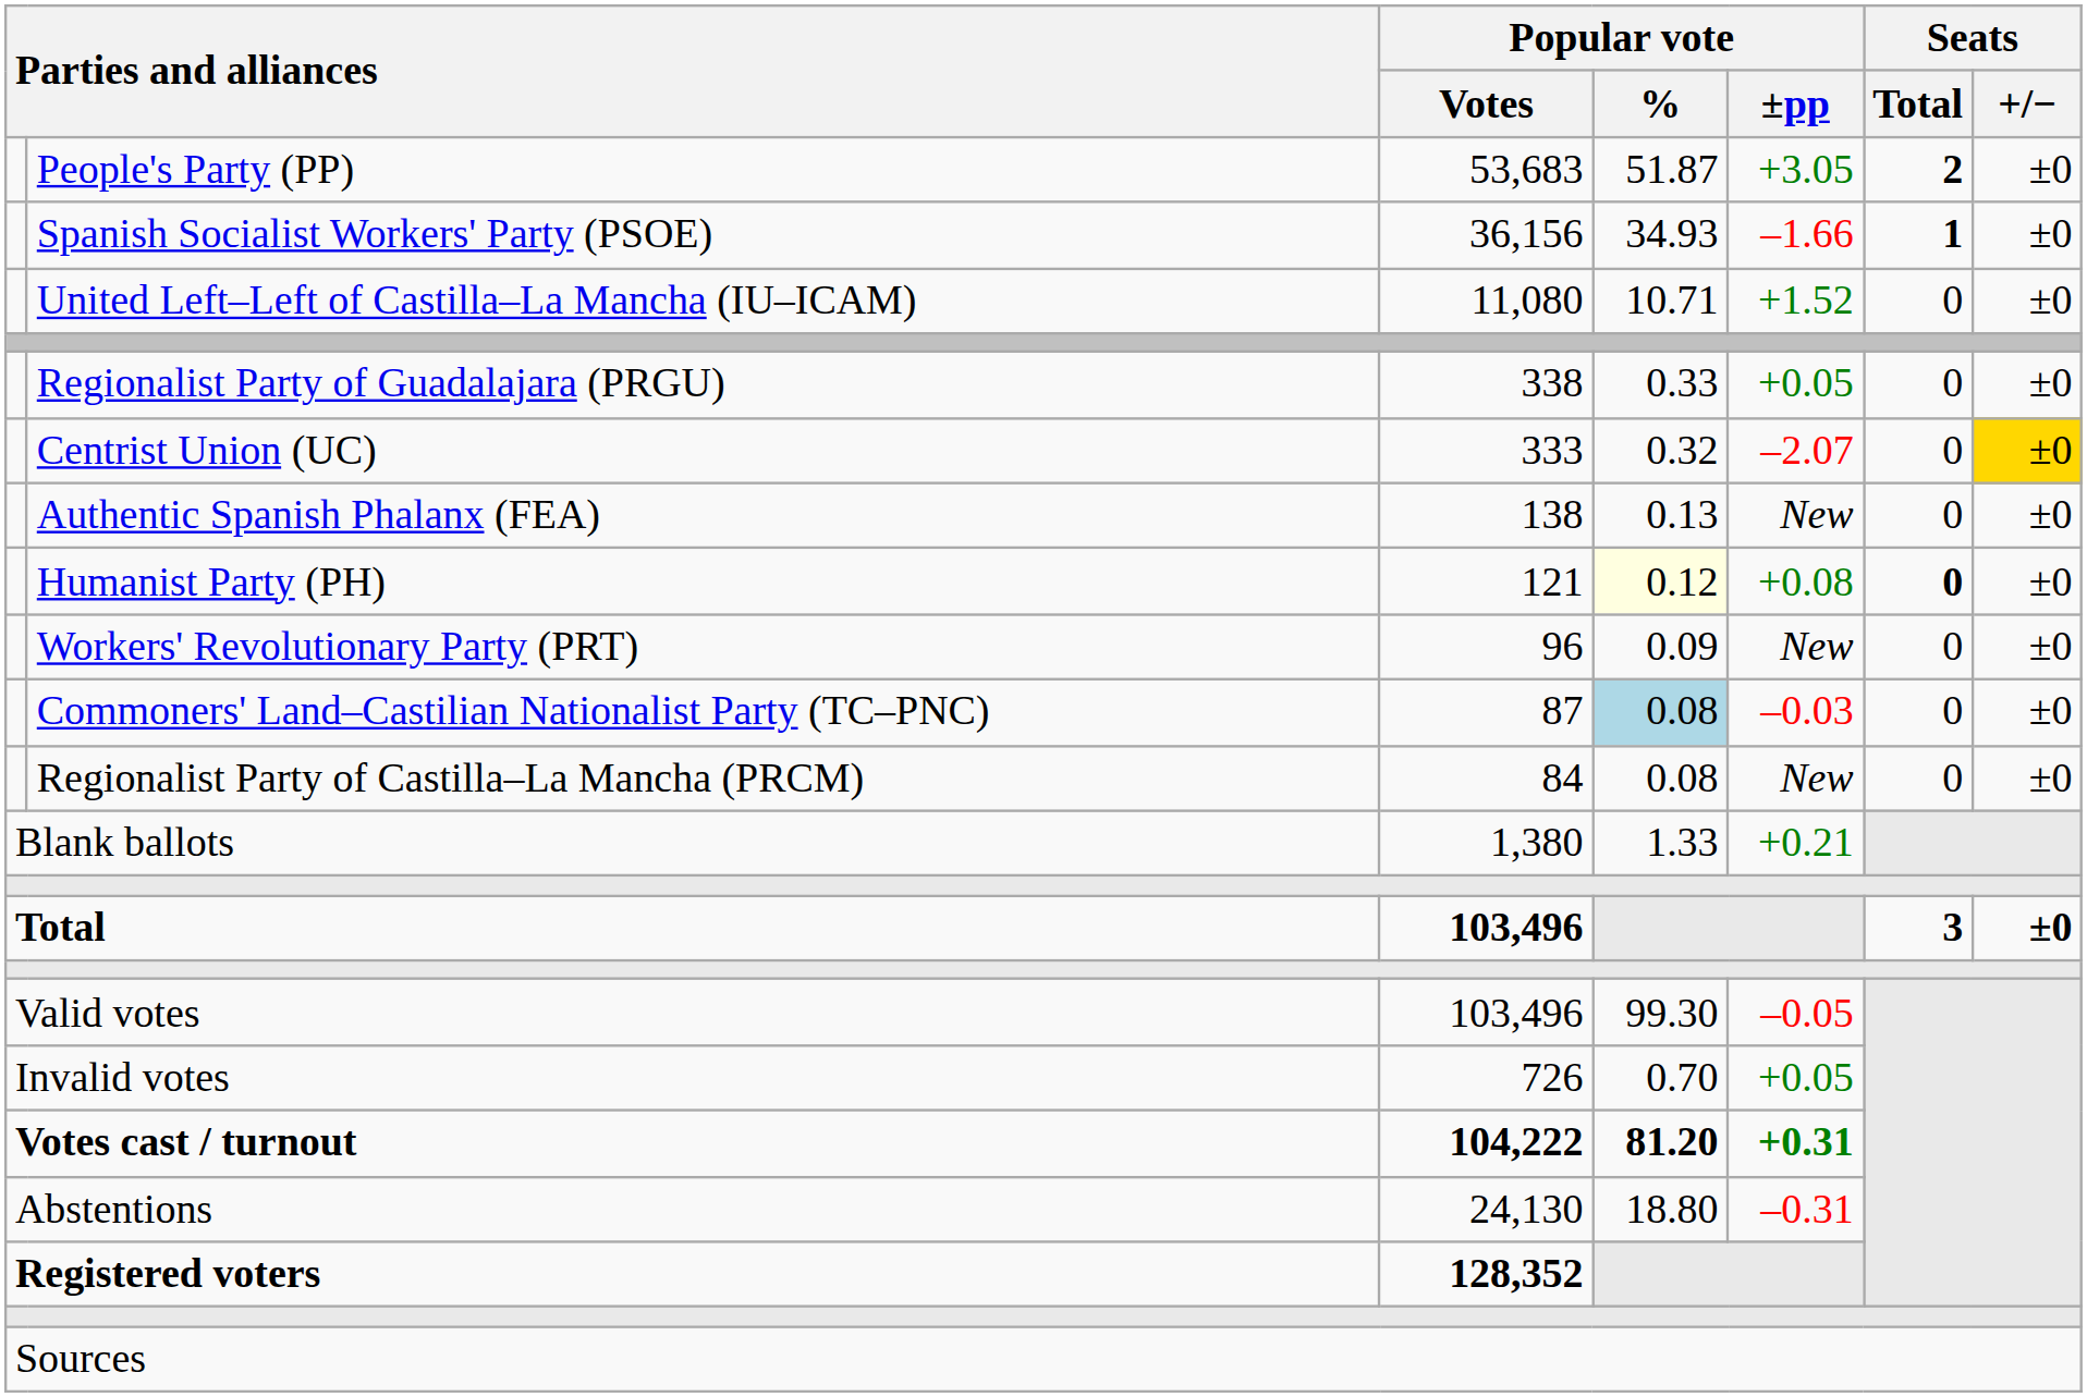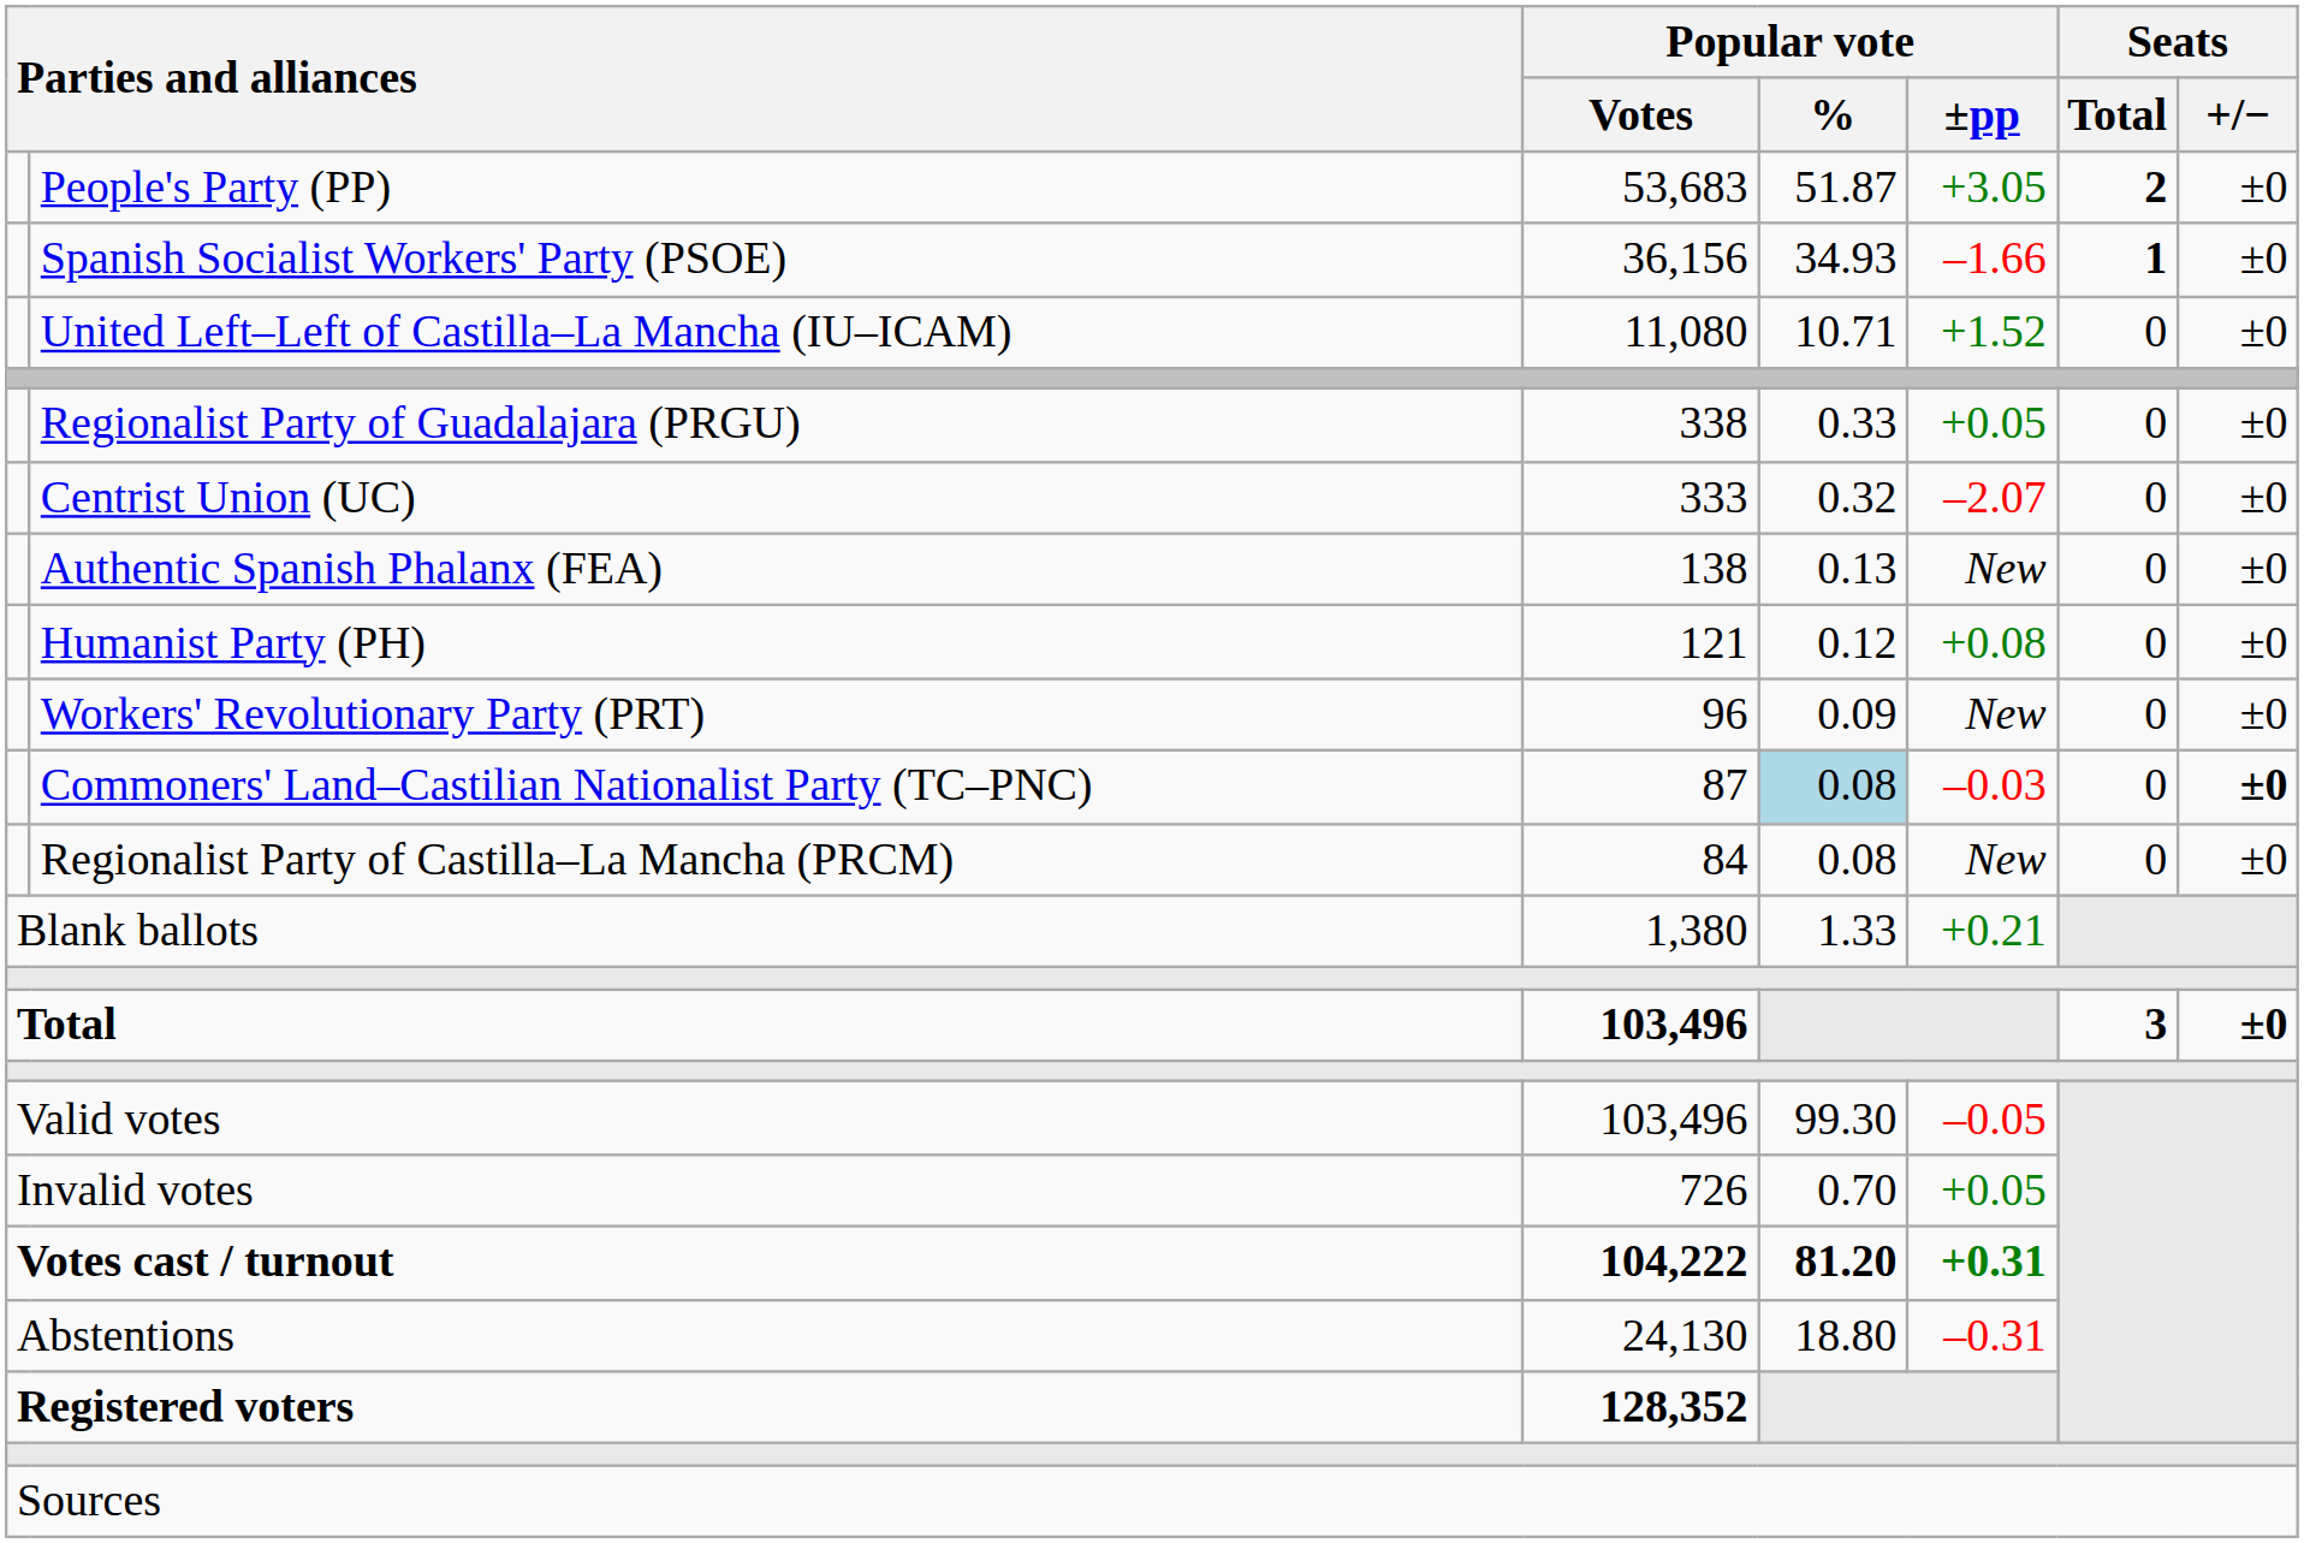 <table class="wikitable" style="text-align:right;">
 <tr>
 <th style="text-align:left;" rowspan="2" colspan="2" width="525">Parties and alliances</th>
 <th colspan="3">Popular vote</th>
 <th colspan="2">Seats</th>
 </tr>
 <tr>
 <th width="75">Votes</th>
 <th width="45">%</th>
 <th width="45">±<a href='#'>pp</a></th>
 <th width="35">Total</th>
 <th width="35">+/−</th>
 </tr>
 <tr>
 <td width="1" style="color:inherit;background:"></td>
 <td align="left"><a href='#'>People's Party</a> (PP)</td>
 <td>53,683</td>
 <td>51.87</td>
 <td style="color:green;">+3.05</td>
 <td><strong>2</strong></td>
 <td>±0</td>
 </tr>
 <tr>
 <td style="color:inherit;background:"></td>
 <td align="left"><a href='#'>Spanish Socialist Workers' Party</a> (PSOE)</td>
 <td>36,156</td>
 <td>34.93</td>
 <td style="color:red;">–1.66</td>
 <td><strong>1</strong></td>
 <td>±0</td>
 </tr>
 <tr>
 <td style="color:inherit;background:"></td>
 <td align="left"><a href='#'>United Left–Left of Castilla–La Mancha</a> (IU–ICAM)</td>
 <td>11,080</td>
 <td>10.71</td>
 <td style="color:green;">+1.52</td>
 <td>0</td>
 <td>±0</td>
 </tr>
 <tr>
 <td colspan="7" bgcolor="#C0C0C0"></td>
 </tr>
 <tr>
 <td style="color:inherit;background:"></td>
 <td align="left"><a href='#'>Regionalist Party of Guadalajara</a> (PRGU)</td>
 <td>338</td>
 <td>0.33</td>
 <td style="color:green;">+0.05</td>
 <td>0</td>
 <td>±0</td>
 </tr>
 <tr>
 <td style="color:inherit;background:"></td>
 <td align="left"><a href='#'>Centrist Union</a> (UC)</td>
 <td>333</td>
 <td>0.32</td>
 <td style="color:red;">–2.07</td>
 <td>0</td>
-<td style="background: gold;">±0</td>
+<td>±0</td>
 </tr>
 <tr>
 <td style="color:inherit;background:"></td>
 <td align="left"><a href='#'>Authentic Spanish Phalanx</a> (FEA)</td>
 <td>138</td>
 <td>0.13</td>
 <td><em>New</em></td>
 <td>0</td>
 <td>±0</td>
 </tr>
 <tr>
 <td style="color:inherit;background:"></td>
 <td align="left"><a href='#'>Humanist Party</a> (PH)</td>
 <td>121</td>
-<td style="background: lightyellow;">0.12</td>
+<td>0.12</td>
 <td style="color:green;">+0.08</td>
-<td><strong>0</strong></td>
+<td>0</td>
 <td>±0</td>
 </tr>
 <tr>
 <td style="color:inherit;background:"></td>
 <td align="left"><a href='#'>Workers' Revolutionary Party</a> (PRT)</td>
 <td>96</td>
 <td>0.09</td>
 <td><em>New</em></td>
 <td>0</td>
 <td>±0</td>
 </tr>
 <tr>
 <td style="color:inherit;background:"></td>
 <td align="left"><a href='#'>Commoners' Land–Castilian Nationalist Party</a> (TC–PNC)</td>
 <td>87</td>
 <td style="background: lightblue;">0.08</td>
 <td style="color:red;">–0.03</td>
 <td>0</td>
-<td>±0</td>
+<td><strong>±0</strong></td>
 </tr>
 <tr>
 <td style="color:inherit;background:"></td>
 <td align="left">Regionalist Party of Castilla–La Mancha (PRCM)</td>
 <td>84</td>
 <td>0.08</td>
 <td><em>New</em></td>
 <td>0</td>
 <td>±0</td>
 </tr>
 <tr>
 <td align="left" colspan="2">Blank ballots</td>
 <td>1,380</td>
 <td>1.33</td>
 <td style="color:green;">+0.21</td>
 <td bgcolor="#E9E9E9" colspan="2"></td>
 </tr>
 <tr>
 <td colspan="7" bgcolor="#E9E9E9"></td>
 </tr>
 <tr style="font-weight:bold;">
 <td align="left" colspan="2">Total</td>
 <td>103,496</td>
 <td bgcolor="#E9E9E9" colspan="2"></td>
 <td>3</td>
 <td>±0</td>
 </tr>
 <tr>
 <td colspan="7" bgcolor="#E9E9E9"></td>
 </tr>
 <tr>
 <td align="left" colspan="2">Valid votes</td>
 <td>103,496</td>
 <td>99.30</td>
 <td style="color:red;">–0.05</td>
 <td bgcolor="#E9E9E9" colspan="2" rowspan="5"></td>
 </tr>
 <tr>
 <td align="left" colspan="2">Invalid votes</td>
 <td>726</td>
 <td>0.70</td>
 <td style="color:green;">+0.05</td>
 </tr>
 <tr style="font-weight:bold;">
 <td align="left" colspan="2">Votes cast / turnout</td>
 <td>104,222</td>
 <td>81.20</td>
 <td style="color:green;">+0.31</td>
 </tr>
 <tr>
 <td align="left" colspan="2">Abstentions</td>
 <td>24,130</td>
 <td>18.80</td>
 <td style="color:red;">–0.31</td>
 </tr>
 <tr style="font-weight:bold;">
 <td align="left" colspan="2">Registered voters</td>
 <td>128,352</td>
 <td bgcolor="#E9E9E9" colspan="2"></td>
 </tr>
 <tr>
 <td colspan="7" bgcolor="#E9E9E9"></td>
 </tr>
 <tr>
 <td align="left" colspan="7">Sources</td>
 </tr>
 </table>
